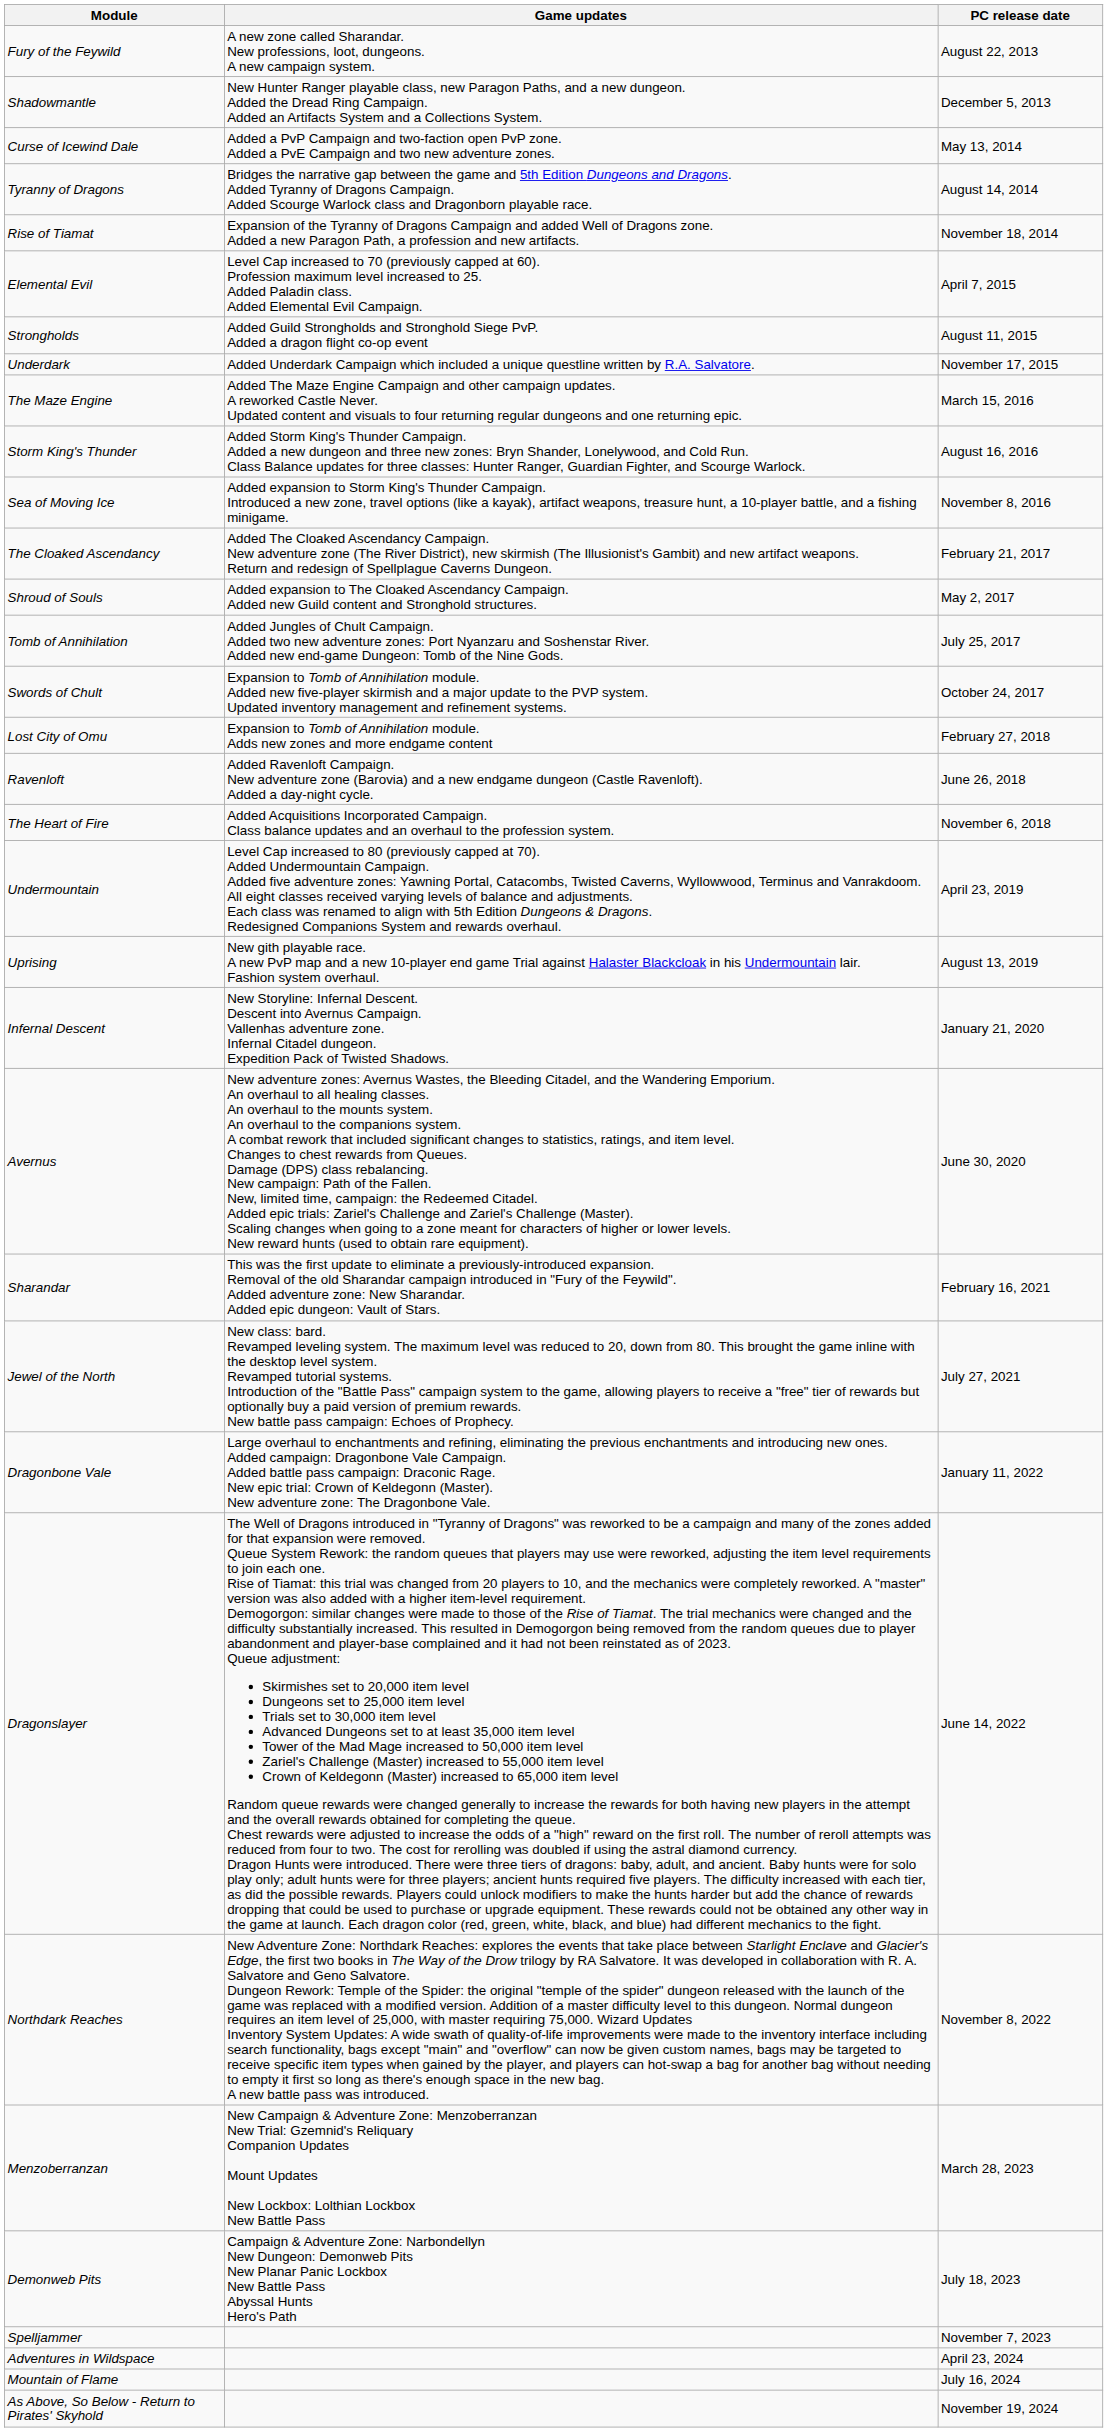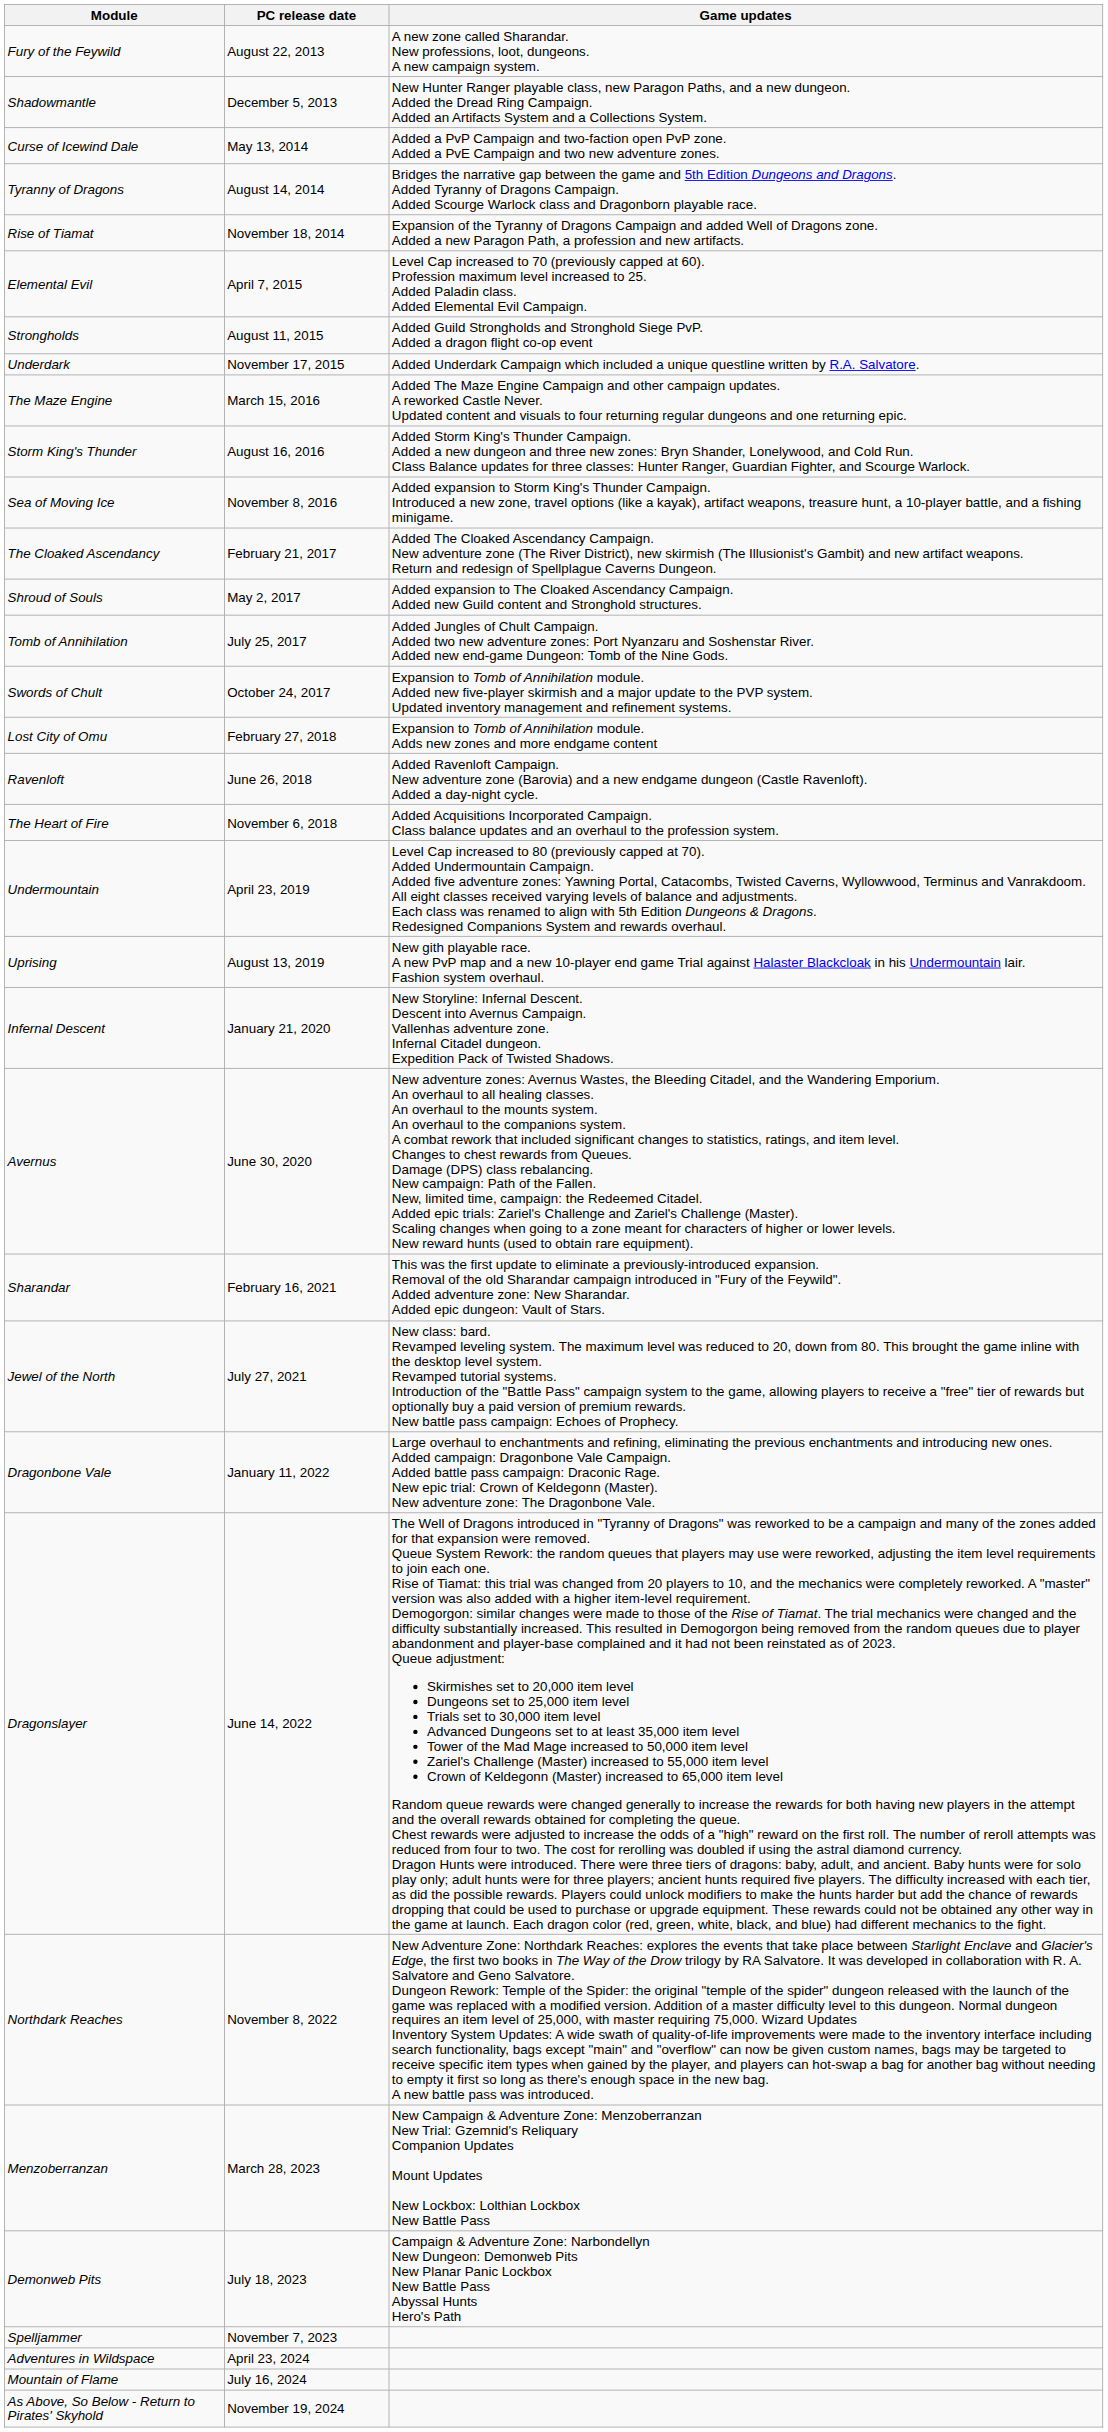 <table class="wikitable sortable" style="margins:auto; width=95%; font-size: 95%;">
 <tr>
 <th width="20%">Module</th>
+<th width="15%">PC release date</th>
 <th width="65%">Game updates</th>
-<th width="15%">PC release date</th>
 </tr>
 <tr>
 <td><em>Fury of the Feywild</em></td>
+<td>August 22, 2013</td>
 <td>A new zone called Sharandar.<br>New professions, loot, dungeons.<br>A new campaign system.</td>
-<td>August 22, 2013</td>
 </tr>
 <tr>
 <td><em>Shadowmantle</em></td>
+<td>December 5, 2013</td>
 <td>New Hunter Ranger playable class, new Paragon Paths, and a new dungeon.<br>Added the Dread Ring Campaign.<br>Added an Artifacts System and a Collections System.</td>
-<td>December 5, 2013</td>
 </tr>
 <tr>
 <td><em>Curse of Icewind Dale</em></td>
+<td>May 13, 2014</td>
 <td>Added a PvP Campaign and two-faction open PvP zone.<br>Added a PvE Campaign and two new adventure zones.</td>
-<td>May 13, 2014</td>
 </tr>
 <tr>
 <td><em>Tyranny of Dragons</em></td>
+<td>August 14, 2014</td>
 <td>Bridges the narrative gap between the game and <a href='#'>5th Edition <em>Dungeons and Dragons</em></a>.<br>Added Tyranny of Dragons Campaign.<br>Added Scourge Warlock class and Dragonborn playable race.</td>
-<td>August 14, 2014</td>
 </tr>
 <tr>
 <td><em>Rise of Tiamat</em></td>
+<td>November 18, 2014</td>
 <td>Expansion of the Tyranny of Dragons Campaign and added Well of Dragons zone.<br>Added a new Paragon Path, a profession and new artifacts.</td>
-<td>November 18, 2014</td>
 </tr>
 <tr>
 <td><em>Elemental Evil</em></td>
+<td>April 7, 2015</td>
 <td>Level Cap increased to 70 (previously capped at 60).<br>Profession maximum level increased to 25.<br>Added Paladin class.<br>Added Elemental Evil Campaign.</td>
-<td>April 7, 2015</td>
 </tr>
 <tr>
 <td><em>Strongholds</em></td>
+<td>August 11, 2015</td>
 <td>Added Guild Strongholds and Stronghold Siege PvP.<br>Added a dragon flight co-op event</td>
-<td>August 11, 2015</td>
 </tr>
 <tr>
 <td><em>Underdark</em></td>
+<td>November 17, 2015</td>
 <td>Added Underdark Campaign which included a unique questline written by <a href='#'>R.A. Salvatore</a>.</td>
-<td>November 17, 2015</td>
 </tr>
 <tr>
 <td><em>The Maze Engine</em></td>
+<td>March 15, 2016</td>
 <td>Added The Maze Engine Campaign and other campaign updates.<br>A reworked Castle Never.<br>Updated content and visuals to four returning regular dungeons and one returning epic.</td>
-<td>March 15, 2016</td>
 </tr>
 <tr>
 <td><em>Storm King's Thunder</em></td>
+<td>August 16, 2016</td>
 <td>Added Storm King's Thunder Campaign.<br>Added a new dungeon and three new zones: Bryn Shander, Lonelywood, and Cold Run.<br>Class Balance updates for three classes: Hunter Ranger, Guardian Fighter, and Scourge Warlock.</td>
-<td>August 16, 2016</td>
 </tr>
 <tr>
 <td><em>Sea of Moving Ice</em></td>
+<td>November 8, 2016</td>
 <td>Added expansion to Storm King's Thunder Campaign.<br>Introduced a new zone, travel options (like a kayak), artifact weapons, treasure hunt, a 10-player battle, and a fishing minigame.</td>
-<td>November 8, 2016</td>
 </tr>
 <tr>
 <td><em>The Cloaked Ascendancy</em></td>
+<td>February 21, 2017</td>
 <td>Added The Cloaked Ascendancy Campaign.<br>New adventure zone (The River District), new skirmish (The Illusionist's Gambit) and new artifact weapons.<br>Return and redesign of Spellplague Caverns Dungeon.</td>
-<td>February 21, 2017</td>
 </tr>
 <tr>
 <td><em>Shroud of Souls</em></td>
+<td>May 2, 2017</td>
 <td>Added expansion to The Cloaked Ascendancy Campaign.<br>Added new Guild content and Stronghold structures.</td>
-<td>May 2, 2017</td>
 </tr>
 <tr>
 <td><em>Tomb of Annihilation</em></td>
+<td>July 25, 2017</td>
 <td>Added Jungles of Chult Campaign.<br>Added two new adventure zones: Port Nyanzaru and Soshenstar River.<br>Added new end-game Dungeon: Tomb of the Nine Gods.</td>
-<td>July 25, 2017</td>
 </tr>
 <tr>
 <td><em>Swords of Chult</em></td>
+<td>October 24, 2017</td>
 <td>Expansion to <em>Tomb of Annihilation</em> module.<br>Added new five-player skirmish and a major update to the PVP system.<br>Updated inventory management and refinement systems.</td>
-<td>October 24, 2017</td>
 </tr>
 <tr>
 <td><em>Lost City of Omu</em></td>
+<td>February 27, 2018</td>
 <td>Expansion to <em>Tomb of Annihilation</em> module.<br>Adds new zones and more endgame content</td>
-<td>February 27, 2018</td>
 </tr>
 <tr>
 <td><em>Ravenloft</em></td>
+<td>June 26, 2018</td>
 <td>Added Ravenloft Campaign.<br>New adventure zone (Barovia) and a new endgame dungeon (Castle Ravenloft).<br>Added a day-night cycle.</td>
-<td>June 26, 2018</td>
 </tr>
 <tr>
 <td><em>The Heart of Fire</em></td>
+<td>November 6, 2018</td>
 <td>Added Acquisitions Incorporated Campaign.<br>Class balance updates and an overhaul to the profession system.</td>
-<td>November 6, 2018</td>
 </tr>
 <tr>
 <td><em>Undermountain</em></td>
+<td>April 23, 2019</td>
 <td>Level Cap increased to 80 (previously capped at 70).<br>Added Undermountain Campaign.<br>Added five adventure zones: Yawning Portal, Catacombs, Twisted Caverns, Wyllowwood, Terminus and Vanrakdoom.<br>All eight classes received varying levels of balance and adjustments.<br>Each class was renamed to align with 5th Edition <em>Dungeons & Dragons</em>.<br>Redesigned Companions System and rewards overhaul.</td>
-<td>April 23, 2019</td>
 </tr>
 <tr>
 <td><em>Uprising</em></td>
+<td>August 13, 2019</td>
 <td>New gith playable race.<br>A new PvP map and a new 10-player end game Trial against <a href='#'>Halaster Blackcloak</a> in his <a href='#'>Undermountain</a> lair.<br>Fashion system overhaul.</td>
-<td>August 13, 2019</td>
 </tr>
 <tr>
 <td><em>Infernal Descent</em></td>
+<td>January 21, 2020</td>
 <td>New Storyline: Infernal Descent.<br>Descent into Avernus Campaign.<br>Vallenhas adventure zone.<br>Infernal Citadel dungeon.<br>Expedition Pack of Twisted Shadows.</td>
-<td>January 21, 2020</td>
 </tr>
 <tr>
 <td><em>Avernus</em></td>
+<td>June 30, 2020</td>
 <td>New adventure zones: Avernus Wastes, the Bleeding Citadel, and the Wandering Emporium.<br>An overhaul to all healing classes.<br>An overhaul to the mounts system.<br>An overhaul to the companions system.<br>A combat rework that included significant changes to statistics, ratings, and item level.<br>Changes to chest rewards from Queues.<br>Damage (DPS) class rebalancing.<br>New campaign: Path of the Fallen.<br>New, limited time, campaign: the Redeemed Citadel.<br>Added epic trials: Zariel's Challenge and Zariel's Challenge (Master).<br>Scaling changes when going to a zone meant for characters of higher or lower levels.<br>New reward hunts (used to obtain rare equipment).</td>
-<td>June 30, 2020</td>
 </tr>
 <tr>
 <td><em>Sharandar</em></td>
+<td>February 16, 2021</td>
 <td>This was the first update to eliminate a previously-introduced expansion.<br>Removal of the old Sharandar campaign introduced in "Fury of the Feywild".<br>Added adventure zone: New Sharandar.<br>Added epic dungeon: Vault of Stars.</td>
-<td>February 16, 2021</td>
 </tr>
 <tr>
 <td><em>Jewel of the North</em></td>
+<td>July 27, 2021</td>
 <td>New class: bard.<br>Revamped leveling system. The maximum level was reduced to 20, down from 80. This brought the game inline with the desktop level system.<br>Revamped tutorial systems.<br>Introduction of the "Battle Pass" campaign system to the game, allowing players to receive a "free" tier of rewards but optionally buy a paid version of premium rewards.<br>New battle pass campaign: Echoes of Prophecy.</td>
-<td>July 27, 2021</td>
 </tr>
 <tr>
 <td><em>Dragonbone Vale</em></td>
+<td>January 11, 2022</td>
 <td>Large overhaul to enchantments and refining, eliminating the previous enchantments and introducing new ones.<br>Added campaign: Dragonbone Vale Campaign.<br>Added battle pass campaign: Draconic Rage.<br>New epic trial: Crown of Keldegonn (Master).<br>New adventure zone: The Dragonbone Vale.</td>
-<td>January 11, 2022</td>
 </tr>
 <tr>
 <td><em>Dragonslayer</em></td>
+<td>June 14, 2022</td>
 <td>The Well of Dragons introduced in "Tyranny of Dragons" was reworked to be a campaign and many of the zones added for that expansion were removed.<br>Queue System Rework: the random queues that players may use were reworked, adjusting the item level requirements to join each one.<br>Rise of Tiamat: this trial was changed from 20 players to 10, and the mechanics were completely reworked. A "master" version was also added with a higher item-level requirement.<br>Demogorgon: similar changes were made to those of the <em>Rise of Tiamat</em>. The trial mechanics were changed and the difficulty substantially increased. This resulted in Demogorgon being removed from the random queues due to player abandonment and player-base complained and it had not been reinstated as of 2023.<br>Queue adjustment:<ul><li>Skirmishes set to 20,000 item level</li><li>Dungeons set to 25,000 item level</li><li>Trials set to 30,000 item level</li><li>Advanced Dungeons set to at least 35,000 item level</li><li>Tower of the Mad Mage increased to 50,000 item level</li><li>Zariel's Challenge (Master) increased to 55,000 item level</li><li>Crown of Keldegonn (Master) increased to 65,000 item level</li></ul>Random queue rewards were changed generally to increase the rewards for both having new players in the attempt and the overall rewards obtained for completing the queue.<br>Chest rewards were adjusted to increase the odds of a "high" reward on the first roll. The number of reroll attempts was reduced from four to two. The cost for rerolling was doubled if using the astral diamond currency.<br>Dragon Hunts were introduced. There were three tiers of dragons: baby, adult, and ancient. Baby hunts were for solo play only; adult hunts were for three players; ancient hunts required five players. The difficulty increased with each tier, as did the possible rewards. Players could unlock modifiers to make the hunts harder but add the chance of rewards dropping that could be used to purchase or upgrade equipment. These rewards could not be obtained any other way in the game at launch. Each dragon color (red, green, white, black, and blue) had different mechanics to the fight.</td>
-<td>June 14, 2022</td>
 </tr>
 <tr>
 <td><em>Northdark Reaches</em></td>
+<td>November 8, 2022</td>
 <td>New Adventure Zone: Northdark Reaches: explores the events that take place between <em>Starlight Enclave</em> and <em>Glacier's Edge</em>, the first two books in <em>The Way of the Drow</em> trilogy by RA Salvatore. It was developed in collaboration with R. A. Salvatore and Geno Salvatore.<br>Dungeon Rework: Temple of the Spider: the original "temple of the spider" dungeon released with the launch of the game was replaced with a modified version. Addition of a master difficulty level to this dungeon. Normal dungeon requires an item level of 25,000, with master requiring 75,000.  Wizard Updates<br>Inventory System Updates: A wide swath of quality-of-life improvements were made to the inventory interface including search functionality, bags except "main" and "overflow" can now be given custom names, bags may be targeted to receive specific item types when gained by the player, and players can hot-swap a bag for another bag without needing to empty it first so long as there's enough space in the new bag.<br>A new battle pass was introduced.</td>
-<td>November 8, 2022</td>
 </tr>
 <tr>
 <td><em>Menzoberranzan</em></td>
+<td>March 28, 2023</td>
 <td>New Campaign & Adventure Zone: Menzoberranzan<br>New Trial: Gzemnid's Reliquary<br>Companion Updates<br><br>Mount Updates<br><br>New Lockbox: Lolthian Lockbox<br>New Battle Pass</td>
-<td>March 28, 2023</td>
 </tr>
 <tr>
 <td><em>Demonweb Pits</em></td>
+<td>July 18, 2023</td>
 <td>Campaign & Adventure Zone: Narbondellyn<br>New Dungeon: Demonweb Pits<br>New Planar Panic Lockbox<br>New Battle Pass<br>Abyssal Hunts<br>Hero's Path</td>
-<td>July 18, 2023</td>
 </tr>
 <tr>
 <td><em>Spelljammer</em></td>
+<td>November 7, 2023</td>
 <td></td>
-<td>November 7, 2023</td>
 </tr>
 <tr>
 <td><em>Adventures in Wildspace</em></td>
+<td>April 23, 2024</td>
 <td></td>
-<td>April 23, 2024</td>
 </tr>
 <tr>
 <td><em>Mountain of Flame</em></td>
+<td>July 16, 2024</td>
 <td></td>
-<td>July 16, 2024</td>
 </tr>
 <tr>
 <td><em>As Above, So Below - Return to Pirates' Skyhold</em></td>
+<td>November 19, 2024</td>
 <td></td>
-<td>November 19, 2024</td>
 </tr>
 </table>
